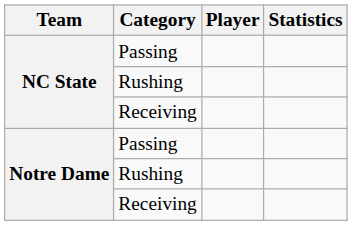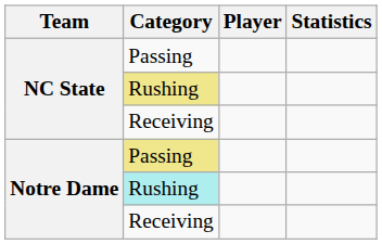 <table class="wikitable" style="float:right">
 <tr>
 <th>Team</th>
 <th>Category</th>
 <th>Player</th>
 <th>Statistics</th>
 </tr>
 <tr>
 <th rowspan=3>NC State</th>
 <td>Passing</td>
 <td></td>
 <td></td>
 </tr>
 <tr>
-<td>Rushing</td>
+<td style="background: khaki;">Rushing</td>
 <td></td>
 <td></td>
 </tr>
 <tr>
 <td>Receiving</td>
 <td></td>
 <td></td>
 </tr>
 <tr>
 <th rowspan=3>Notre Dame</th>
-<td>Passing</td>
+<td style="background: khaki;">Passing</td>
 <td></td>
 <td></td>
 </tr>
 <tr>
-<td>Rushing</td>
+<td style="background: paleturquoise;">Rushing</td>
 <td></td>
 <td></td>
 </tr>
 <tr>
 <td>Receiving</td>
 <td></td>
 <td></td>
 </tr>
 </table>
